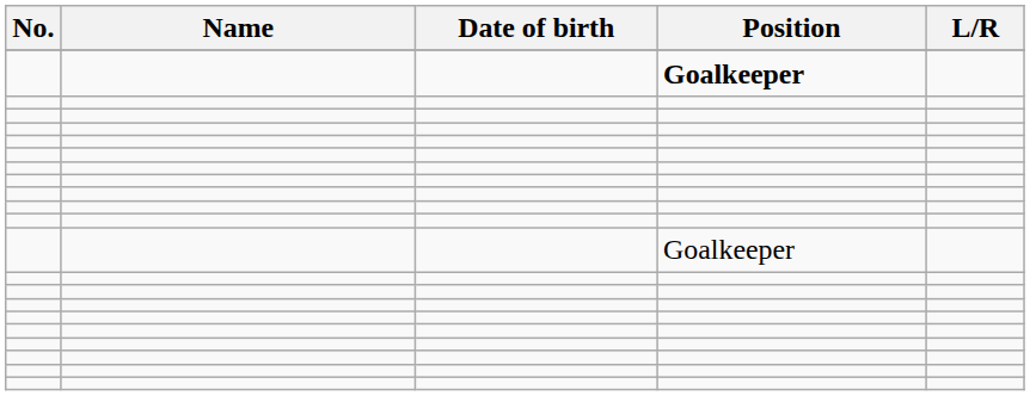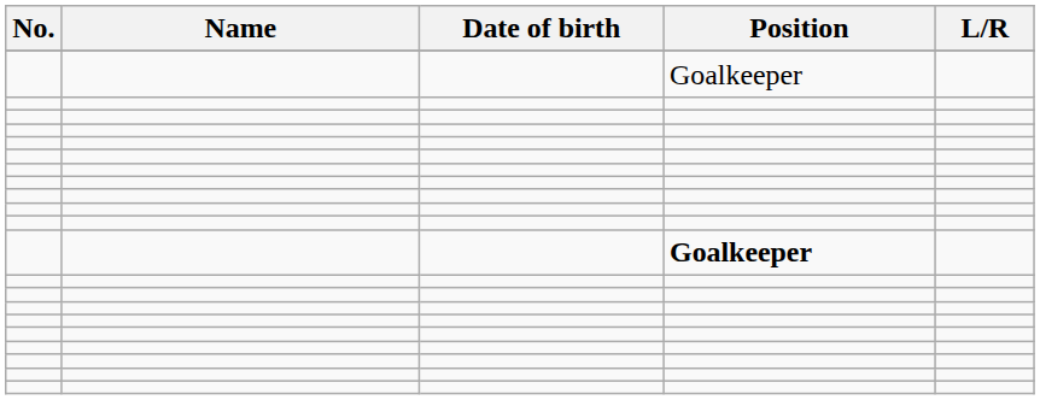 <table class="wikitable sortable" style=font-size:100%; text-align:center;>
 <tr>
 <th>No.</th>
 <th style=width:12em>Name</th>
 <th style=width:8em>Date of birth</th>
 <th style=width:9em>Position</th>
 <th style=width:3em>L/R</th>
 </tr>
 <tr>
 </tr>
 <tr>
 <td></td>
 <td align=left></td>
 <td align=right></td>
-<td><strong>Goalkeeper</strong></td>
+<td>Goalkeeper</td>
 <td></td>
 </tr>
 <tr>
 <td></td>
 <td align=left></td>
 <td align=right></td>
 <td></td>
 <td></td>
 </tr>
 <tr>
 <td></td>
 <td align=left></td>
 <td align=right></td>
 <td></td>
 <td></td>
 </tr>
 <tr>
 <td></td>
 <td align=left></td>
 <td align=right></td>
 <td></td>
 <td></td>
 </tr>
 <tr>
 <td></td>
 <td align=left></td>
 <td align=right></td>
 <td></td>
 <td></td>
 </tr>
 <tr>
 <td></td>
 <td align=left></td>
 <td align=right></td>
 <td></td>
 <td></td>
 </tr>
 <tr>
 <td></td>
 <td align=left></td>
 <td align=right></td>
 <td></td>
 <td></td>
 </tr>
 <tr>
 <td></td>
 <td align=left></td>
 <td align=right></td>
 <td></td>
 <td></td>
 </tr>
 <tr>
 <td></td>
 <td align=left></td>
 <td align=right></td>
 <td></td>
 <td></td>
 </tr>
 <tr>
 <td></td>
 <td align=left></td>
 <td align=right></td>
 <td></td>
 <td></td>
 </tr>
 <tr>
 <td></td>
 <td align=left></td>
 <td align=right></td>
 <td></td>
 <td></td>
 </tr>
 <tr>
 <td></td>
 <td align=left></td>
 <td align=right></td>
-<td>Goalkeeper</td>
+<td><strong>Goalkeeper</strong></td>
 <td></td>
 </tr>
 <tr>
 <td></td>
 <td align=left></td>
 <td align=right></td>
 <td></td>
 <td></td>
 </tr>
 <tr>
 <td></td>
 <td align=left></td>
 <td align=right></td>
 <td></td>
 <td></td>
 </tr>
 <tr>
 <td></td>
 <td align=left></td>
 <td align=right></td>
 <td></td>
 <td></td>
 </tr>
 <tr>
 <td></td>
 <td align=left></td>
 <td align=right></td>
 <td></td>
 <td></td>
 </tr>
 <tr>
 <td></td>
 <td align=left></td>
 <td align=right></td>
 <td></td>
 <td></td>
 </tr>
 <tr>
 <td></td>
 <td align=left></td>
 <td align=right></td>
 <td></td>
 <td></td>
 </tr>
 <tr>
 <td></td>
 <td align=left></td>
 <td align=right></td>
 <td></td>
 <td></td>
 </tr>
 <tr>
 <td></td>
 <td align=left></td>
 <td align=right></td>
 <td></td>
 <td></td>
 </tr>
 <tr>
 <td></td>
 <td align=left></td>
 <td align=right></td>
 <td></td>
 <td></td>
 </tr>
 </table>
